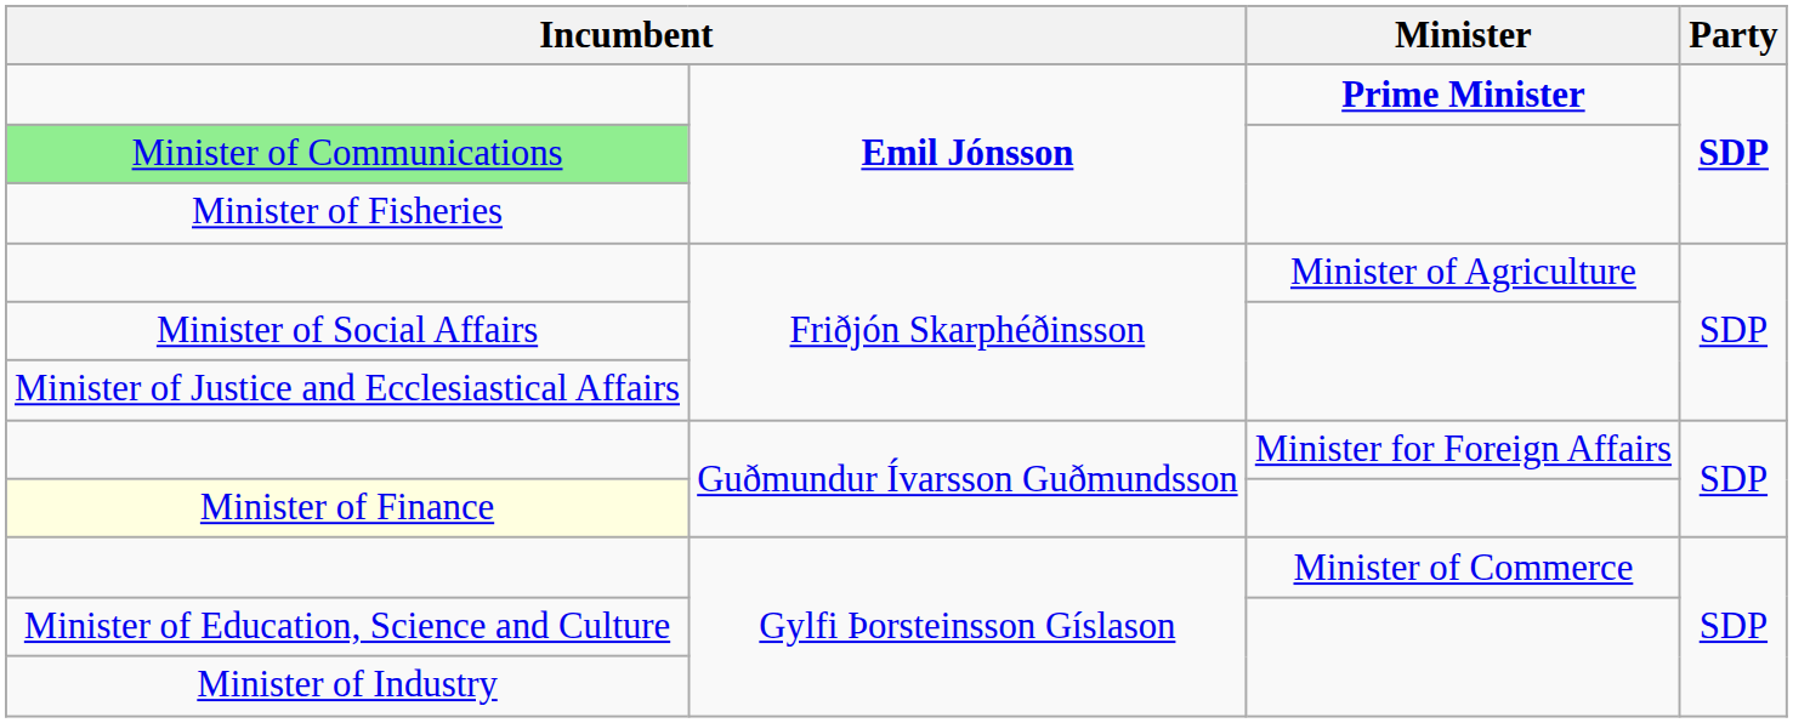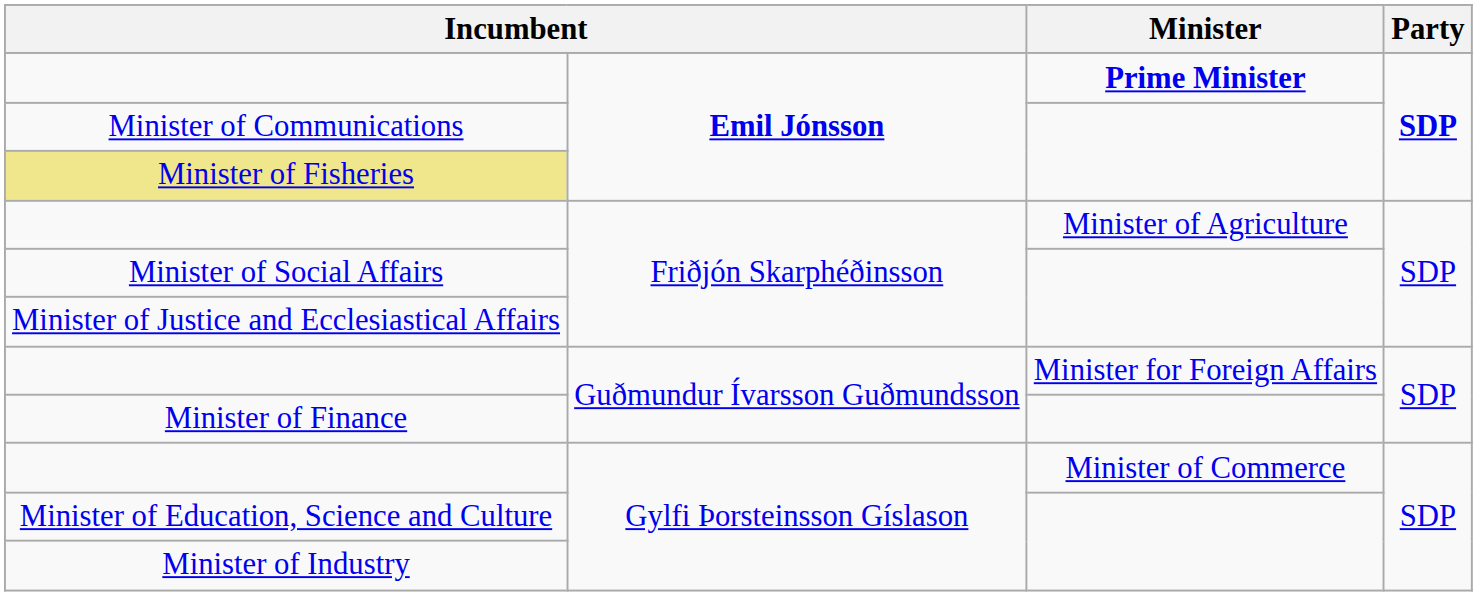 <table class="wikitable" style="text-align: center;">
 <tr>
 <th colspan=2>Incumbent</th>
 <th>Minister</th>
 <th>Party</th>
 </tr>
 <tr>
 <td></td>
 <td rowspan=3><strong><a href='#'>Emil Jónsson</a></strong></td>
 <td><strong><a href='#'>Prime Minister</a><br></strong></td>
 <td rowspan=3><strong><a href='#'>SDP</a></strong></td>
 </tr>
 <tr>
-<td style="background: lightgreen;"><a href='#'>Minister of Communications</a><br></td>
+<td><a href='#'>Minister of Communications</a><br></td>
 </tr>
 <tr>
-<td><a href='#'>Minister of Fisheries</a><br></td>
+<td style="background: khaki;"><a href='#'>Minister of Fisheries</a><br></td>
 </tr>
 <tr>
 <td></td>
 <td rowspan=3><a href='#'>Friðjón Skarphéðinsson</a></td>
 <td><a href='#'>Minister of Agriculture</a><br></td>
 <td rowspan=3><a href='#'>SDP</a></td>
 </tr>
 <tr>
 <td><a href='#'>Minister of Social Affairs</a><br></td>
 </tr>
 <tr>
 <td><a href='#'>Minister of Justice and Ecclesiastical Affairs</a><br></td>
 </tr>
 <tr>
 <td></td>
 <td rowspan=2><a href='#'>Guðmundur Ívarsson Guðmundsson</a></td>
 <td><a href='#'>Minister for Foreign Affairs</a><br></td>
 <td rowspan=2><a href='#'>SDP</a></td>
 </tr>
 <tr>
-<td style="background: lightyellow;"><a href='#'>Minister of Finance</a><br></td>
+<td><a href='#'>Minister of Finance</a><br></td>
 </tr>
 <tr>
 <td></td>
 <td rowspan=3><a href='#'>Gylfi Þorsteinsson Gíslason</a></td>
 <td><a href='#'>Minister of Commerce</a><br></td>
 <td rowspan=3><a href='#'>SDP</a></td>
 </tr>
 <tr>
 <td><a href='#'>Minister of Education, Science and Culture</a><br></td>
 </tr>
 <tr>
 <td><a href='#'>Minister of Industry</a><br></td>
 </tr>
 </table>
